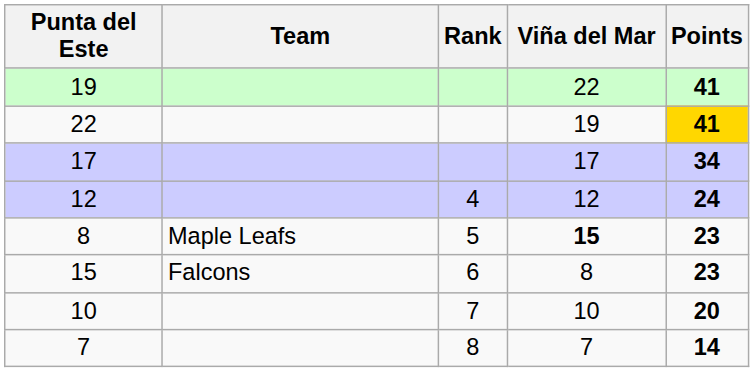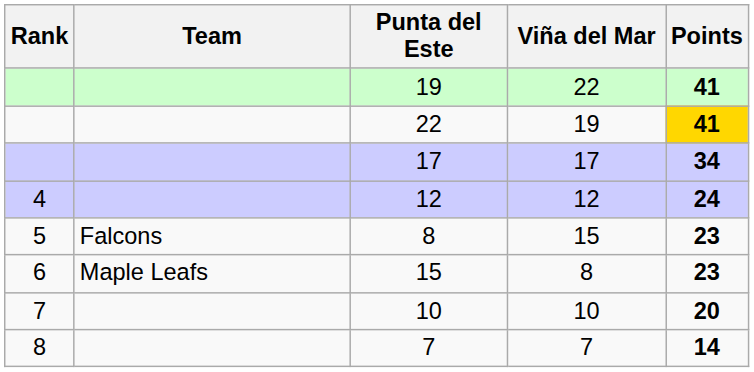 <table class="wikitable" style="text-align: center;">
 <tr>
+<th width=40>Rank</th>
+<th width=180>Team</th>
 <th width=100>Punta del Este</th>
-<th width=180>Team</th>
-<th width=40>Rank</th>
 <th width=100>Viña del Mar</th>
 <th width=40>Points</th>
 </tr>
 <tr bgcolor=ccffcc>
+<td></td>
+<td align=left></td>
 <td>19</td>
-<td align=left></td>
-<td></td>
 <td>22</td>
 <td><strong>41</strong></td>
 </tr>
 <tr>
+<td></td>
+<td align=left></td>
 <td>22</td>
-<td align=left></td>
-<td></td>
 <td>19</td>
 <td style="background: gold;"><strong>41</strong></td>
 </tr>
 <tr bgcolor=ccccff>
+<td></td>
+<td align=left></td>
 <td>17</td>
-<td align=left></td>
-<td></td>
 <td>17</td>
 <td><strong>34</strong></td>
 </tr>
 <tr bgcolor=ccccff>
+<td>4</td>
+<td align=left></td>
 <td>12</td>
-<td align=left></td>
-<td>4</td>
 <td>12</td>
 <td><strong>24</strong></td>
 </tr>
 <tr>
+<td>5</td>
+<td align=left> Falcons</td>
 <td>8</td>
-<td align=left> Maple Leafs</td>
-<td>5</td>
-<td><strong>15</strong></td>
+<td>15</td>
 <td><strong>23</strong></td>
 </tr>
 <tr>
+<td>6</td>
+<td align=left> Maple Leafs</td>
 <td>15</td>
-<td align=left> Falcons</td>
-<td>6</td>
 <td>8</td>
 <td><strong>23</strong></td>
 </tr>
 <tr>
+<td>7</td>
+<td align=left></td>
 <td>10</td>
-<td align=left></td>
-<td>7</td>
 <td>10</td>
 <td><strong>20</strong></td>
 </tr>
 <tr>
+<td>8</td>
+<td align=left></td>
 <td>7</td>
-<td align=left></td>
-<td>8</td>
 <td>7</td>
 <td><strong>14</strong></td>
 </tr>
 </table>
